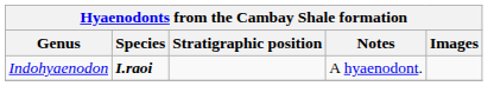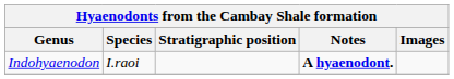 <table class="wikitable" align="center">
 <tr>
 <th colspan="7" align="center"><strong><a href='#'>Hyaenodonts</a> from the Cambay Shale formation</strong></th>
 </tr>
 <tr>
 <th>Genus</th>
 <th>Species</th>
 <th>Stratigraphic position</th>
 <th>Notes</th>
 <th>Images</th>
 </tr>
 <tr>
 <td><em><a href='#'>Indohyaenodon</a></em></td>
-<td><strong><em>I.raoi</em></strong></td>
+<td><em>I.raoi</em></td>
 <td></td>
-<td>A <a href='#'>hyaenodont</a>.</td>
+<td><strong>A <a href='#'>hyaenodont</a>.</strong></td>
 <td></td>
 </tr>
 <tr>
 </tr>
 </table>
